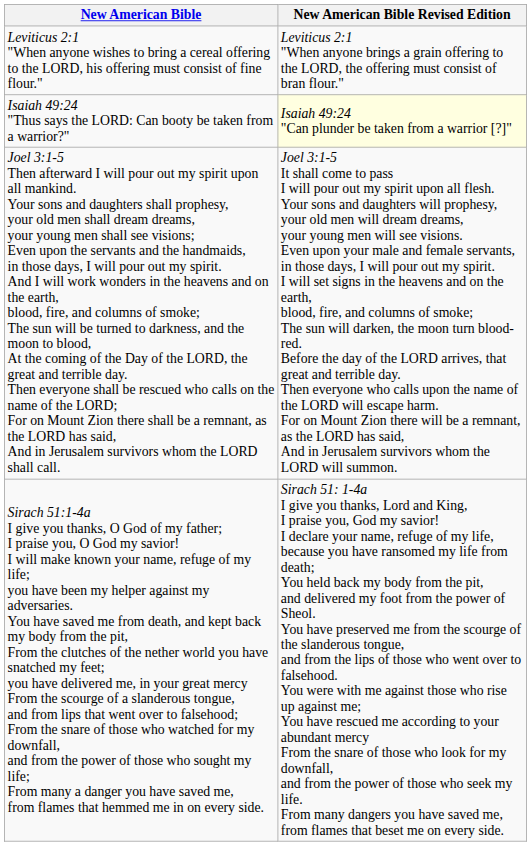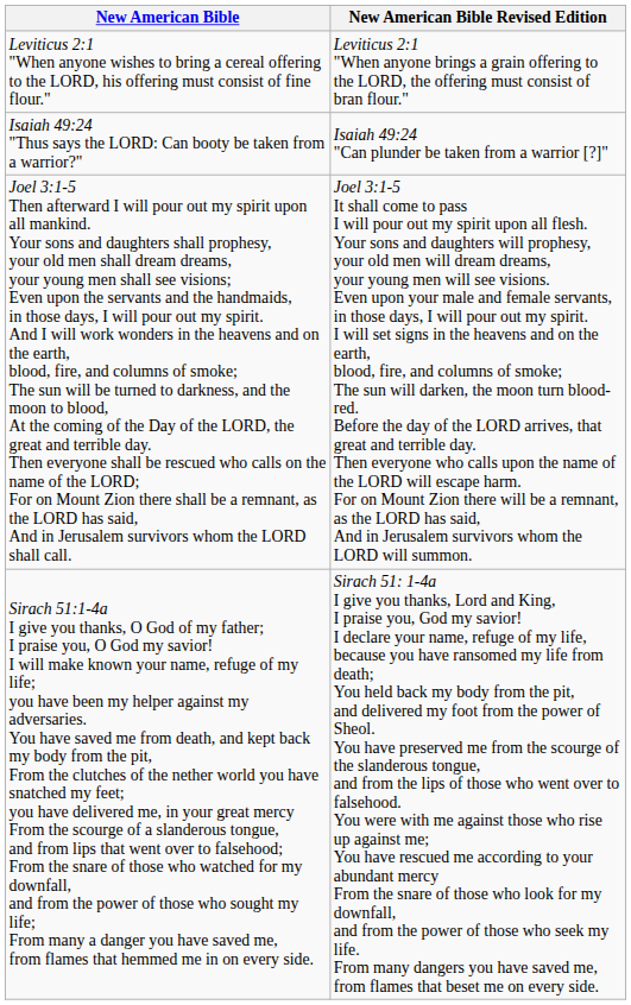 <table class="wikitable">
 <tr>
 <th><a href='#'>New American Bible</a></th>
 <th>New American Bible Revised Edition</th>
 </tr>
 <tr>
 <td><em>Leviticus 2:1</em><br>"When anyone wishes to bring a cereal offering to the LORD, his offering must consist of fine flour."</td>
 <td><em>Leviticus 2:1</em><br>"When anyone brings a grain offering to the LORD, the offering must consist of bran flour."</td>
 </tr>
 <tr>
 <td><em>Isaiah 49:24</em><br>"Thus says the LORD: Can booty be taken from a warrior?"</td>
-<td style="background: lightyellow;"><em>Isaiah 49:24</em><br>"Can plunder be taken from a warrior [?]"</td>
+<td><em>Isaiah 49:24</em><br>"Can plunder be taken from a warrior [?]"</td>
 </tr>
 <tr>
 <td><em>Joel 3:1-5</em><br>Then afterward I will pour out my spirit upon all mankind.<br> Your sons and daughters shall prophesy, <br> your old men shall dream dreams,<br> your young men shall see visions;<br> Even upon the servants and the handmaids,<br> in those days, I will pour out my spirit.<br> And I will work wonders in the heavens and on the earth,<br> blood, fire, and columns of smoke;<br> The sun will be turned to darkness, and the moon to blood,<br> At the coming of the Day of the LORD, the great and terrible day.<br> Then everyone shall be rescued who calls on the name of the LORD;<br> For on Mount Zion there shall be a remnant, as the LORD has said,<br> And in Jerusalem survivors whom the LORD shall call.</td>
 <td><em>Joel 3:1-5</em><br>It shall come to pass <br>I will pour out my spirit upon all flesh.<br> Your sons and daughters will prophesy,<br> your old men will dream dreams,<br> your young men will see visions.<br> Even upon your male and female servants,<br> in those days, I will pour out my spirit.<br> I will set signs in the heavens and on the earth,<br> blood, fire, and columns of smoke;<br> The sun will darken, the moon turn blood-red.<br> Before the day of the LORD arrives, that great and terrible day.<br> Then everyone who calls upon the name of the LORD will escape harm.<br> For on Mount Zion there will be a remnant, as the LORD has said,<br> And in Jerusalem survivors whom the LORD will summon.</td>
 </tr>
 <tr>
 <td><em>Sirach 51:1-4a</em><br>I give you thanks, O God of my father; <br> I praise you, O God my savior! <br> I will make known your name, refuge of my life; <br> you have been my helper against my adversaries. <br> You have saved me from death, and kept back my body from the pit,<br> From the clutches of the nether world you have snatched my feet; <br> you have delivered me, in your great mercy<br> From the scourge of a slanderous tongue,<br> and from lips that went over to falsehood; <br> From the snare of those who watched for my downfall, <br> and from the power of those who sought my life; <br> From many a danger you have saved me, <br> from flames that hemmed me in on every side.</td>
 <td><em>Sirach 51: 1-4a</em><br>I give you thanks, Lord and King,<br> I praise you, God my savior!<br> I declare your name, refuge of my life,<br> because you have ransomed my life from death;<br> You held back my body from the pit,<br> and delivered my foot from the power of Sheol.<br> You have preserved me from the scourge of the slanderous tongue,<br> and from the lips of those who went over to falsehood.<br> You were with me against those who rise up against me;<br> You have rescued me according to your abundant mercy<br> From the snare of those who look for my downfall,<br> and from the power of those who seek my life.<br> From many dangers you have saved me,<br> from flames that beset me on every side.</td>
 </tr>
 </table>
